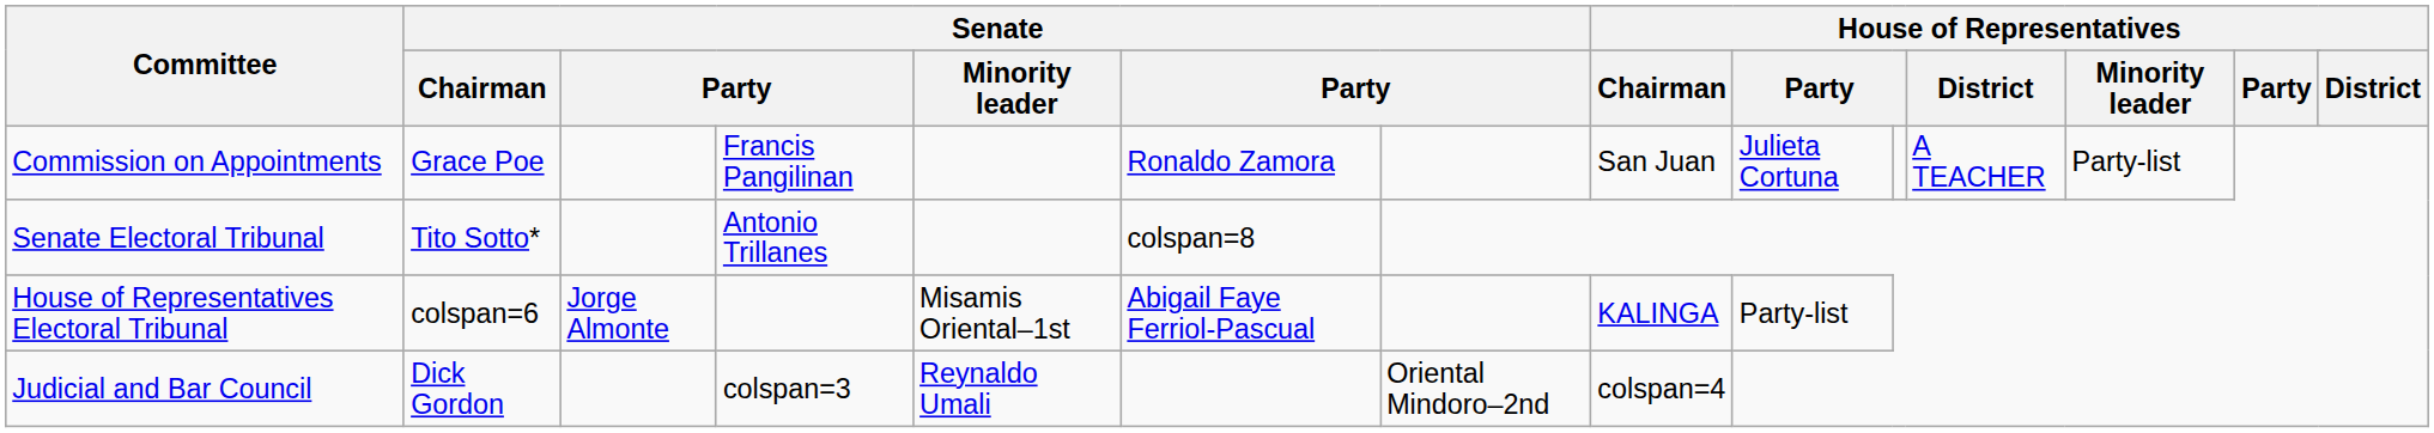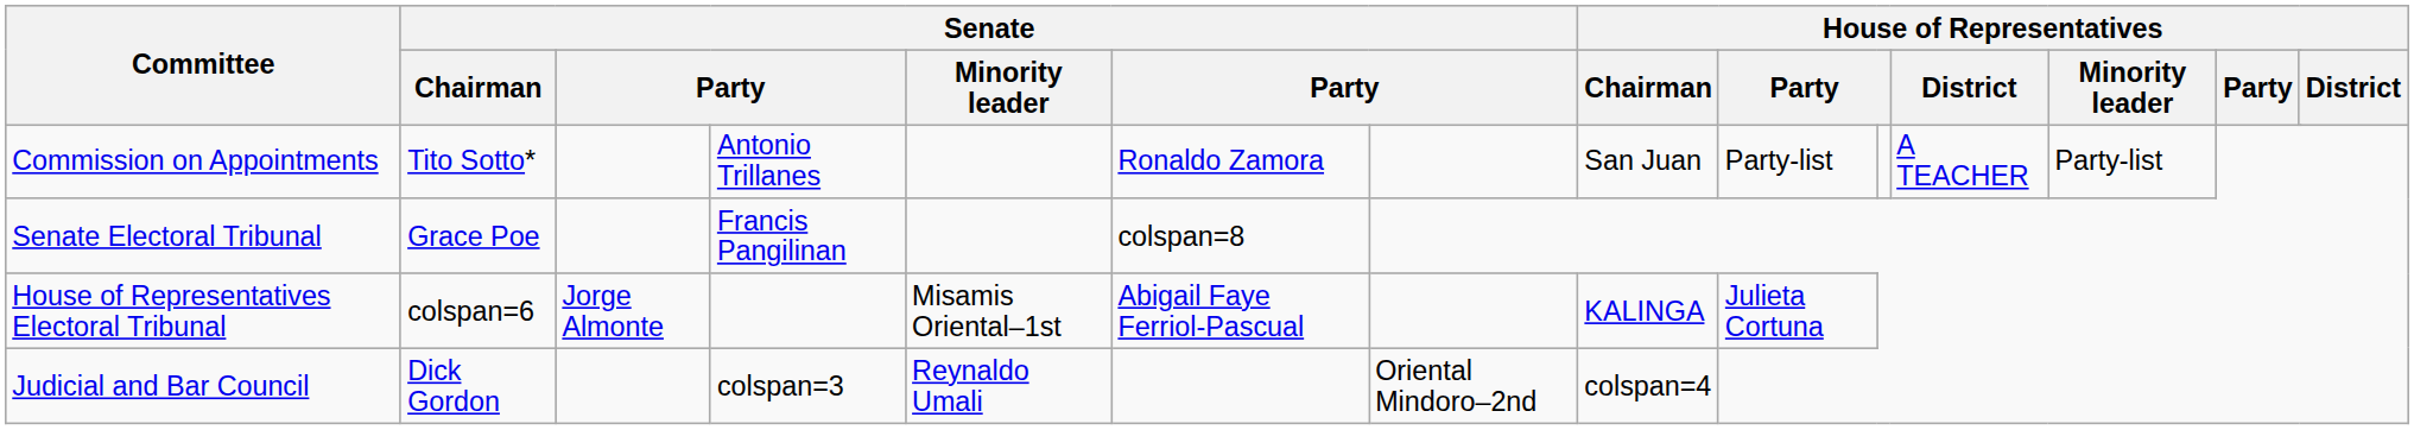 <table class="wikitable" sortable style="font-size: 90%; text-align:left">
 <tr>
 <th rowspan=2>Committee</th>
 <th colspan=6>Senate</th>
 <th colspan=8>House of Representatives</th>
 </tr>
 <tr>
 <th>Chairman</th>
 <th colspan=2>Party</th>
 <th>Minority leader</th>
 <th colspan=2>Party</th>
 <th>Chairman</th>
 <th colspan=2>Party</th>
 <th>District</th>
 <th>Minority leader</th>
 <th colspan=2>Party</th>
 <th>District</th>
 </tr>
 <tr>
 <td><a href='#'>Commission on Appointments</a></td>
-<td><a href='#'>Grace Poe</a></td>
+<td><a href='#'>Tito Sotto</a>*</td>
 <td></td>
-<td><a href='#'>Francis Pangilinan</a></td>
+<td><a href='#'>Antonio Trillanes</a></td>
 <td></td>
 <td><a href='#'>Ronaldo Zamora</a></td>
 <td></td>
 <td>San Juan</td>
-<td><a href='#'>Julieta Cortuna</a></td>
+<td>Party-list</td>
 <td></td>
 <td><a href='#'>A TEACHER</a></td>
 <td>Party-list</td>
 </tr>
 <tr>
 <td><a href='#'>Senate Electoral Tribunal</a></td>
-<td><a href='#'>Tito Sotto</a>*</td>
+<td><a href='#'>Grace Poe</a></td>
 <td></td>
-<td><a href='#'>Antonio Trillanes</a></td>
+<td><a href='#'>Francis Pangilinan</a></td>
 <td></td>
 <td>colspan=8 </td>
 </tr>
 <tr>
 <td><a href='#'>House of Representatives Electoral Tribunal</a></td>
 <td>colspan=6 </td>
 <td><a href='#'>Jorge Almonte</a></td>
 <td></td>
 <td>Misamis Oriental–1st</td>
 <td><a href='#'>Abigail Faye Ferriol-Pascual</a></td>
 <td></td>
 <td><a href='#'>KALINGA</a></td>
-<td>Party-list</td>
+<td><a href='#'>Julieta Cortuna</a></td>
 </tr>
 <tr>
 <td><a href='#'>Judicial and Bar Council</a></td>
 <td><a href='#'>Dick Gordon</a></td>
 <td></td>
 <td>colspan=3 </td>
 <td><a href='#'>Reynaldo Umali</a></td>
 <td></td>
 <td>Oriental Mindoro–2nd</td>
 <td>colspan=4 </td>
 </tr>
 </table>
